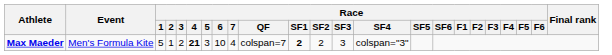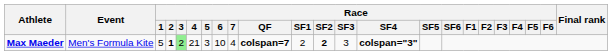 <table class="wikitable" style="font-size:90%">
 <tr>
 <th rowspan="2">Athlete</th>
 <th rowspan="2">Event</th>
 <th colspan=20>Race</th>
 <th rowspan=2>Final rank</th>
 </tr>
 <tr style="font-size:95%">
 <th>1</th>
 <th>2</th>
 <th>3</th>
 <th>4</th>
 <th>5</th>
 <th>6</th>
 <th>7</th>
 <th>QF</th>
 <th>SF1</th>
 <th>SF2</th>
 <th>SF3</th>
 <th>SF4</th>
 <th>SF5</th>
 <th>SF6</th>
 <th>F1</th>
 <th>F2</th>
 <th>F3</th>
 <th>F4</th>
 <th>F5</th>
 <th>F6</th>
 </tr>
 <tr align=center>
 <td align=left><strong><a href='#'>Max Maeder</a></strong></td>
 <td align=left><a href='#'>Men's Formula Kite</a></td>
 <td>5</td>
-<td>1</td>
-<td>2</td>
-<td><strong>21 </strong></td>
+<td><strong>1</strong></td>
+<td style="background: lightgreen;">2</td>
+<td>21 </td>
 <td>3</td>
 <td>10 </td>
 <td>4</td>
-<td>colspan=7 </td>
+<td><strong>colspan=7 </strong></td>
+<td>2</td>
 <td><strong>2</strong></td>
-<td>2</td>
 <td>3</td>
-<td>colspan="3" </td>
+<td><strong>colspan="3" </strong></td>
 <td></td>
 </tr>
 </table>
